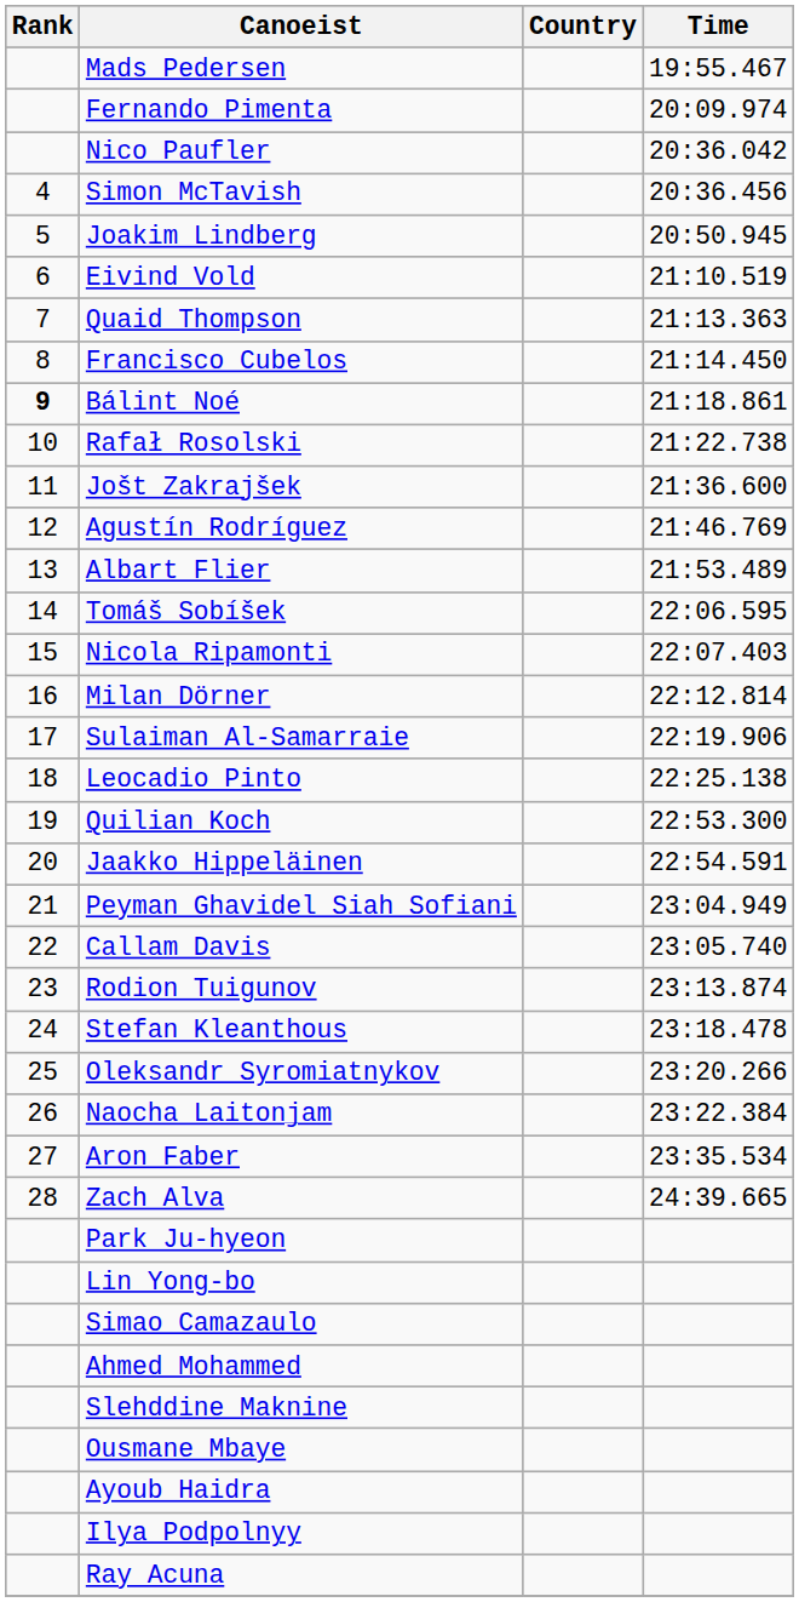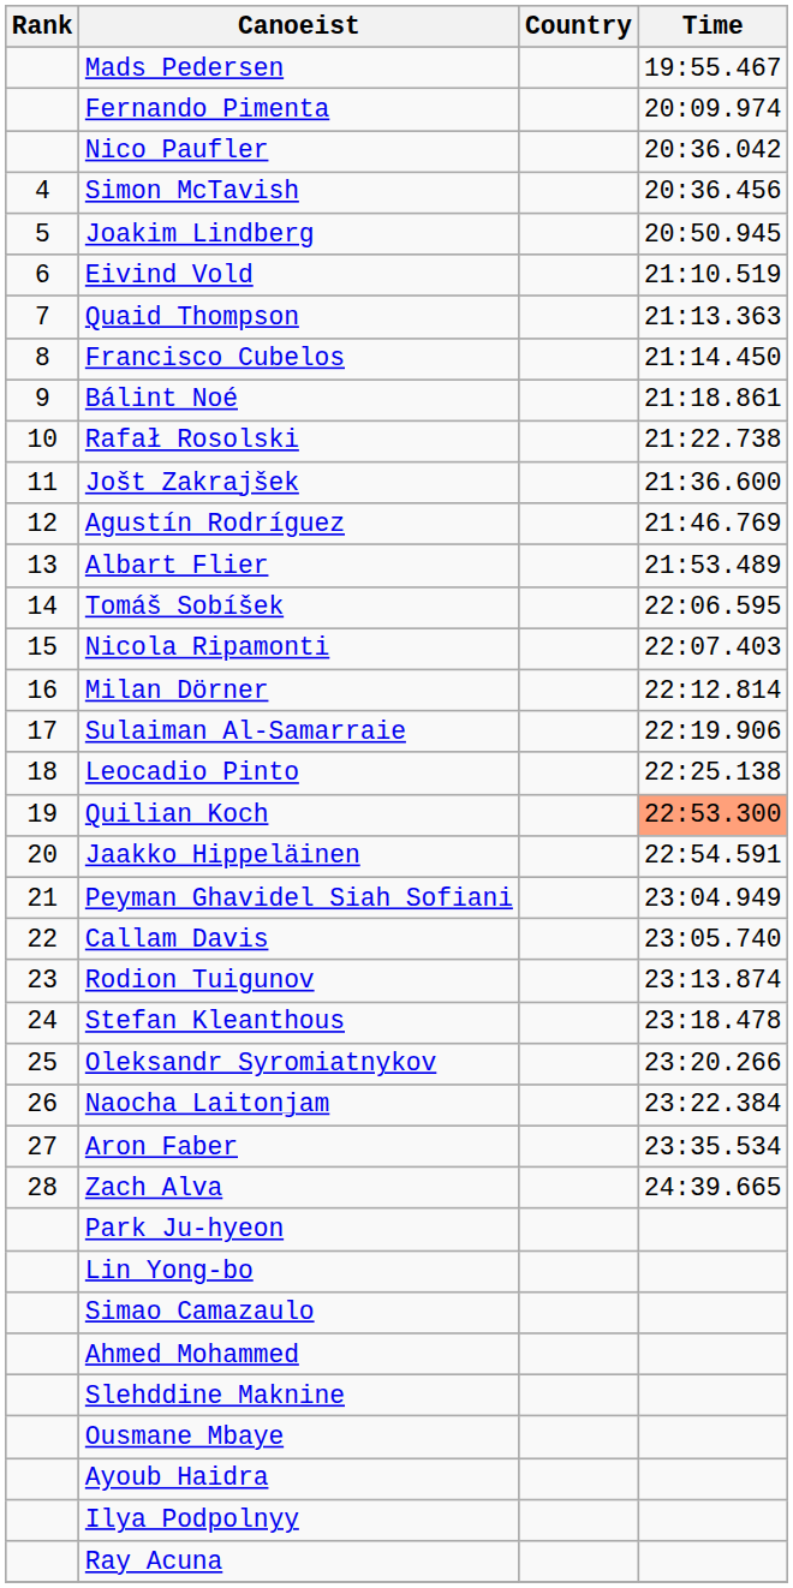 <table class="wikitable sortable" style="text-align:center">
 <tr>
 <th>Rank</th>
 <th>Canoeist</th>
 <th>Country</th>
 <th>Time</th>
 </tr>
 <tr>
 <td></td>
 <td align="left"><a href='#'>Mads Pedersen</a></td>
 <td align="left"></td>
 <td>19:55.467</td>
 </tr>
 <tr>
 <td></td>
 <td align="left"><a href='#'>Fernando Pimenta</a></td>
 <td align="left"></td>
 <td>20:09.974</td>
 </tr>
 <tr>
 <td></td>
 <td align="left"><a href='#'>Nico Paufler</a></td>
 <td align="left"></td>
 <td>20:36.042</td>
 </tr>
 <tr>
 <td>4</td>
 <td align="left"><a href='#'>Simon McTavish</a></td>
 <td align="left"></td>
 <td>20:36.456</td>
 </tr>
 <tr>
 <td>5</td>
 <td align="left"><a href='#'>Joakim Lindberg</a></td>
 <td align="left"></td>
 <td>20:50.945</td>
 </tr>
 <tr>
 <td>6</td>
 <td align="left"><a href='#'>Eivind Vold</a></td>
 <td align="left"></td>
 <td>21:10.519</td>
 </tr>
 <tr>
 <td>7</td>
 <td align="left"><a href='#'>Quaid Thompson</a></td>
 <td align="left"></td>
 <td>21:13.363</td>
 </tr>
 <tr>
 <td>8</td>
 <td align="left"><a href='#'>Francisco Cubelos</a></td>
 <td align="left"></td>
 <td>21:14.450</td>
 </tr>
 <tr>
-<td><strong>9</strong></td>
+<td>9</td>
 <td align="left"><a href='#'>Bálint Noé</a></td>
 <td align="left"></td>
 <td>21:18.861</td>
 </tr>
 <tr>
 <td>10</td>
 <td align="left"><a href='#'>Rafał Rosolski</a></td>
 <td align="left"></td>
 <td>21:22.738</td>
 </tr>
 <tr>
 <td>11</td>
 <td align="left"><a href='#'>Jošt Zakrajšek</a></td>
 <td align="left"></td>
 <td>21:36.600</td>
 </tr>
 <tr>
 <td>12</td>
 <td align="left"><a href='#'>Agustín Rodríguez</a></td>
 <td align="left"></td>
 <td>21:46.769</td>
 </tr>
 <tr>
 <td>13</td>
 <td align="left"><a href='#'>Albart Flier</a></td>
 <td align="left"></td>
 <td>21:53.489</td>
 </tr>
 <tr>
 <td>14</td>
 <td align="left"><a href='#'>Tomáš Sobíšek</a></td>
 <td align="left"></td>
 <td>22:06.595</td>
 </tr>
 <tr>
 <td>15</td>
 <td align="left"><a href='#'>Nicola Ripamonti</a></td>
 <td align="left"></td>
 <td>22:07.403</td>
 </tr>
 <tr>
 <td>16</td>
 <td align="left"><a href='#'>Milan Dörner</a></td>
 <td align="left"></td>
 <td>22:12.814</td>
 </tr>
 <tr>
 <td>17</td>
 <td align="left"><a href='#'>Sulaiman Al-Samarraie</a></td>
 <td align="left"></td>
 <td>22:19.906</td>
 </tr>
 <tr>
 <td>18</td>
 <td align="left"><a href='#'>Leocadio Pinto</a></td>
 <td align="left"></td>
 <td>22:25.138</td>
 </tr>
 <tr>
 <td>19</td>
 <td align="left"><a href='#'>Quilian Koch</a></td>
 <td align="left"></td>
-<td>22:53.300</td>
+<td style="background: lightsalmon;">22:53.300</td>
 </tr>
 <tr>
 <td>20</td>
 <td align="left"><a href='#'>Jaakko Hippeläinen</a></td>
 <td align="left"></td>
 <td>22:54.591</td>
 </tr>
 <tr>
 <td>21</td>
 <td align="left"><a href='#'>Peyman Ghavidel Siah Sofiani</a></td>
 <td align="left"></td>
 <td>23:04.949</td>
 </tr>
 <tr>
 <td>22</td>
 <td align="left"><a href='#'>Callam Davis</a></td>
 <td align="left"></td>
 <td>23:05.740</td>
 </tr>
 <tr>
 <td>23</td>
 <td align="left"><a href='#'>Rodion Tuigunov</a></td>
 <td align="left"></td>
 <td>23:13.874</td>
 </tr>
 <tr>
 <td>24</td>
 <td align="left"><a href='#'>Stefan Kleanthous </a></td>
 <td align="left"></td>
 <td>23:18.478</td>
 </tr>
 <tr>
 <td>25</td>
 <td align="left"><a href='#'>Oleksandr Syromiatnykov</a></td>
 <td align="left"></td>
 <td>23:20.266</td>
 </tr>
 <tr>
 <td>26</td>
 <td align="left"><a href='#'>Naocha Laitonjam</a></td>
 <td align="left"></td>
 <td>23:22.384</td>
 </tr>
 <tr>
 <td>27</td>
 <td align="left"><a href='#'>Aron Faber</a></td>
 <td align="left"></td>
 <td>23:35.534</td>
 </tr>
 <tr>
 <td>28</td>
 <td align="left"><a href='#'>Zach Alva</a></td>
 <td align="left"></td>
 <td>24:39.665</td>
 </tr>
 <tr>
 <td></td>
 <td align="left"><a href='#'>Park Ju-hyeon</a></td>
 <td align="left"></td>
 <td></td>
 </tr>
 <tr>
 <td></td>
 <td align="left"><a href='#'>Lin Yong-bo</a></td>
 <td align="left"></td>
 <td></td>
 </tr>
 <tr>
 <td></td>
 <td align="left"><a href='#'>Simao Camazaulo</a></td>
 <td align="left"></td>
 <td></td>
 </tr>
 <tr>
 <td></td>
 <td align="left"><a href='#'>Ahmed Mohammed</a></td>
 <td align="left"></td>
 <td></td>
 </tr>
 <tr>
 <td></td>
 <td align="left"><a href='#'>Slehddine Maknine</a></td>
 <td align="left"></td>
 <td></td>
 </tr>
 <tr>
 <td></td>
 <td align="left"><a href='#'>Ousmane Mbaye</a></td>
 <td align="left"></td>
 <td></td>
 </tr>
 <tr>
 <td></td>
 <td align="left"><a href='#'>Ayoub Haidra</a></td>
 <td align="left"></td>
 <td></td>
 </tr>
 <tr>
 <td></td>
 <td align="left"><a href='#'>Ilya Podpolnyy</a></td>
 <td align="left"></td>
 <td></td>
 </tr>
 <tr>
 <td></td>
 <td align="left"><a href='#'>Ray Acuna</a></td>
 <td align="left"></td>
 <td></td>
 </tr>
 <tr>
 </tr>
 </table>
